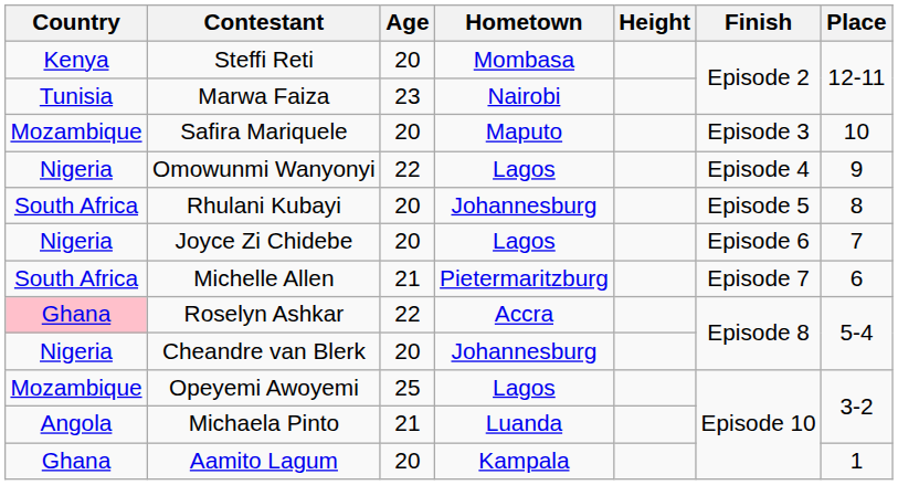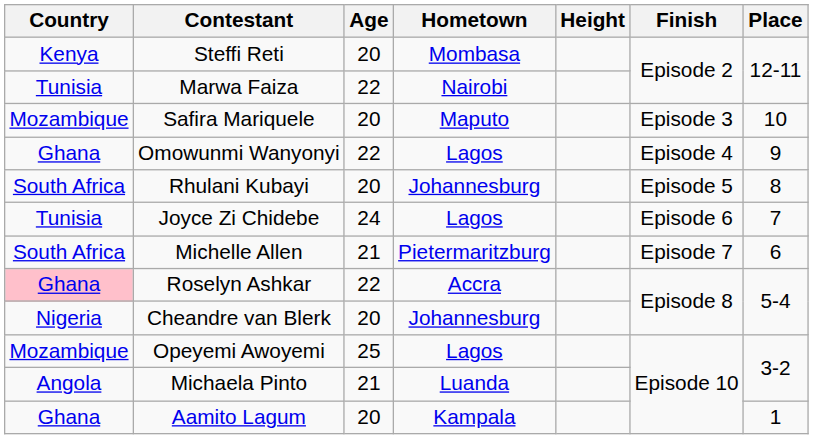 <table class="wikitable sortable" style="text-align:center;">
 <tr>
 <th>Country</th>
 <th>Contestant</th>
 <th>Age</th>
 <th>Hometown</th>
 <th>Height</th>
 <th>Finish</th>
 <th>Place</th>
 </tr>
 <tr>
 <td><a href='#'>Kenya</a></td>
 <td>Steffi Reti</td>
 <td>20</td>
 <td><a href='#'>Mombasa</a></td>
 <td></td>
 <td rowspan="2">Episode 2</td>
 <td rowspan="2">12-11</td>
 </tr>
 <tr>
 <td><a href='#'>Tunisia</a></td>
 <td>Marwa Faiza</td>
-<td>23</td>
+<td>22</td>
 <td><a href='#'>Nairobi</a></td>
 <td></td>
 </tr>
 <tr>
 <td><a href='#'>Mozambique</a></td>
 <td>Safira Mariquele</td>
 <td>20</td>
 <td><a href='#'>Maputo</a></td>
 <td></td>
 <td>Episode 3</td>
 <td>10</td>
 </tr>
 <tr>
-<td><a href='#'>Nigeria</a></td>
+<td><a href='#'>Ghana</a></td>
 <td>Omowunmi Wanyonyi</td>
 <td>22</td>
 <td><a href='#'>Lagos</a></td>
 <td></td>
 <td>Episode 4</td>
 <td>9</td>
 </tr>
 <tr>
 <td><a href='#'>South Africa</a></td>
 <td>Rhulani Kubayi</td>
 <td>20</td>
 <td><a href='#'>Johannesburg</a></td>
 <td></td>
 <td>Episode 5</td>
 <td>8</td>
 </tr>
 <tr>
-<td><a href='#'>Nigeria</a></td>
+<td><a href='#'>Tunisia</a></td>
 <td>Joyce Zi Chidebe</td>
-<td>20</td>
+<td>24</td>
 <td><a href='#'>Lagos</a></td>
 <td></td>
 <td>Episode 6</td>
 <td>7</td>
 </tr>
 <tr>
 <td><a href='#'>South Africa</a></td>
 <td>Michelle Allen</td>
 <td>21</td>
 <td><a href='#'>Pietermaritzburg</a></td>
 <td></td>
 <td>Episode 7</td>
 <td>6</td>
 </tr>
 <tr>
 <td style="background: pink;"><a href='#'>Ghana</a></td>
 <td>Roselyn Ashkar</td>
 <td>22</td>
 <td><a href='#'>Accra</a></td>
 <td></td>
 <td rowspan="2">Episode 8</td>
 <td rowspan="2">5-4</td>
 </tr>
 <tr>
 <td><a href='#'>Nigeria</a></td>
 <td>Cheandre van Blerk</td>
 <td>20</td>
 <td><a href='#'>Johannesburg</a></td>
 <td></td>
 </tr>
 <tr>
 <td><a href='#'>Mozambique</a></td>
 <td>Opeyemi Awoyemi</td>
 <td>25</td>
 <td><a href='#'>Lagos</a></td>
 <td></td>
 <td rowspan="3">Episode 10</td>
 <td rowspan="2">3-2</td>
 </tr>
 <tr>
 <td><a href='#'>Angola</a></td>
 <td>Michaela Pinto</td>
 <td>21</td>
 <td><a href='#'>Luanda</a></td>
 <td></td>
 </tr>
 <tr>
 <td><a href='#'>Ghana</a></td>
 <td><a href='#'>Aamito Lagum</a></td>
 <td>20</td>
 <td><a href='#'>Kampala</a></td>
 <td></td>
 <td>1</td>
 </tr>
 </table>
